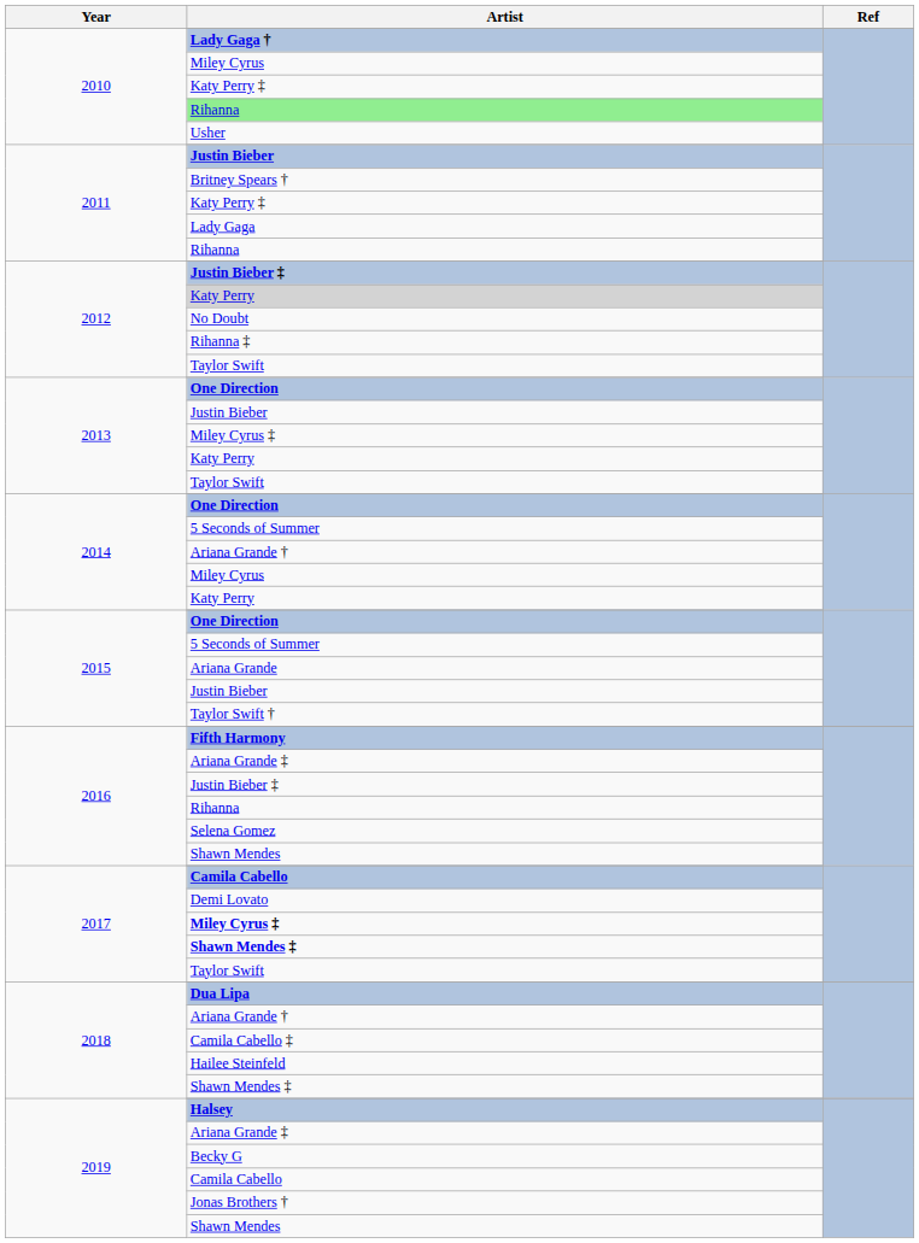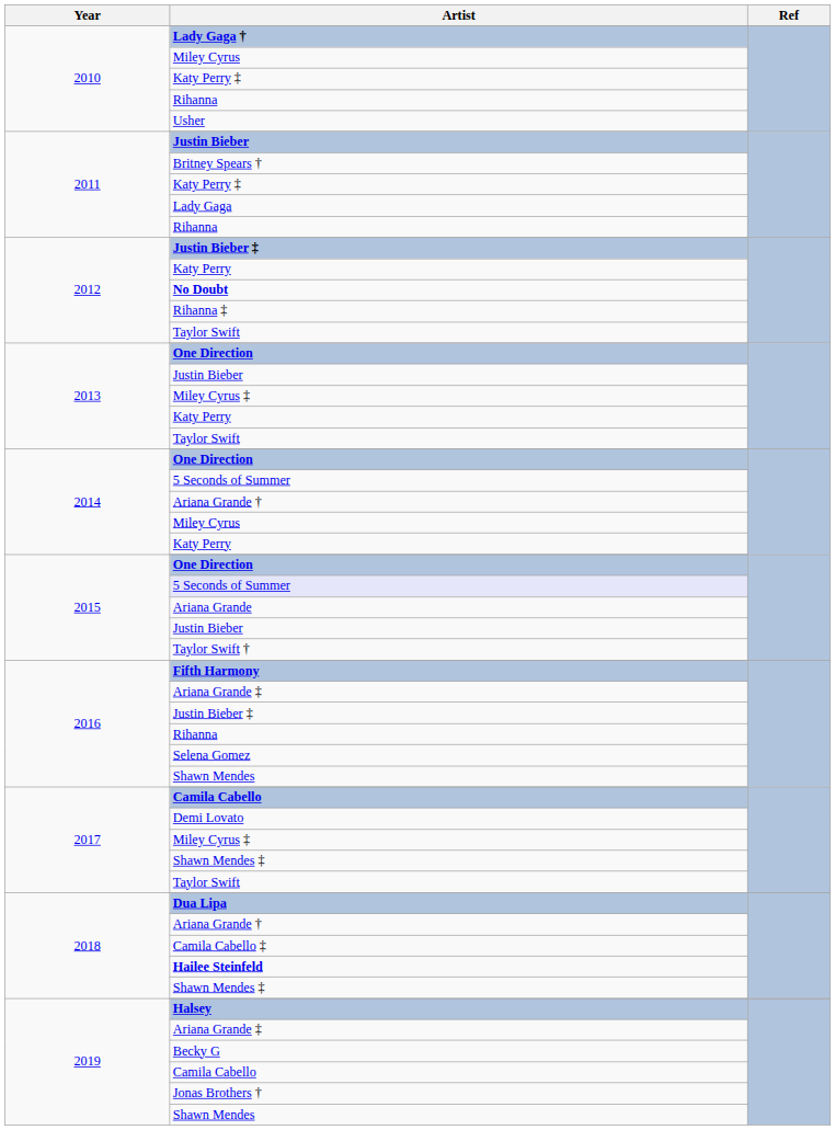 <table class="wikitable" style="width:50%;">
 <tr style="background:#bebebe;">
 <th style="width:10%;">Year</th>
 <th style="width:35%;">Artist</th>
 <th style="width:5%;">Ref</th>
 </tr>
 <tr>
 <td rowspan="6" align="center"><a href='#'>2010</a></td>
 </tr>
 <tr style="background:#B0C4DE">
 <td><strong><a href='#'>Lady Gaga</a> †</strong></td>
 <td rowspan="6" align="center"></td>
 </tr>
 <tr>
 <td><a href='#'>Miley Cyrus</a></td>
 </tr>
 <tr>
 <td><a href='#'>Katy Perry</a> ‡</td>
 </tr>
 <tr>
-<td style="background: lightgreen;"><a href='#'>Rihanna</a></td>
+<td><a href='#'>Rihanna</a></td>
 </tr>
 <tr>
 <td><a href='#'>Usher</a></td>
 </tr>
 <tr>
 <td rowspan="6" align="center"><a href='#'>2011</a></td>
 </tr>
 <tr style="background:#B0C4DE">
 <td><strong><a href='#'>Justin Bieber</a></strong></td>
 <td rowspan="6" align="center"></td>
 </tr>
 <tr>
 <td><a href='#'>Britney Spears</a> †</td>
 </tr>
 <tr>
 <td><a href='#'>Katy Perry</a> ‡</td>
 </tr>
 <tr>
 <td><a href='#'>Lady Gaga</a></td>
 </tr>
 <tr>
 <td><a href='#'>Rihanna</a></td>
 </tr>
 <tr>
 <td rowspan="6" align="center"><a href='#'>2012</a></td>
 </tr>
 <tr style="background:#B0C4DE">
 <td><strong><a href='#'>Justin Bieber</a> ‡</strong></td>
 <td rowspan="6" align="center"></td>
 </tr>
 <tr>
-<td style="background: lightgrey;"><a href='#'>Katy Perry</a></td>
+<td><a href='#'>Katy Perry</a></td>
 </tr>
 <tr>
-<td><a href='#'>No Doubt</a></td>
+<td><strong><a href='#'>No Doubt</a></strong></td>
 </tr>
 <tr>
 <td><a href='#'>Rihanna</a> ‡</td>
 </tr>
 <tr>
 <td><a href='#'>Taylor Swift</a></td>
 </tr>
 <tr>
 <td rowspan="6" align="center"><a href='#'>2013</a></td>
 </tr>
 <tr style="background:#B0C4DE">
 <td><strong><a href='#'>One Direction</a></strong></td>
 <td rowspan="6" align="center"></td>
 </tr>
 <tr>
 <td><a href='#'>Justin Bieber</a></td>
 </tr>
 <tr>
 <td><a href='#'>Miley Cyrus</a> ‡</td>
 </tr>
 <tr>
 <td><a href='#'>Katy Perry</a></td>
 </tr>
 <tr>
 <td><a href='#'>Taylor Swift</a></td>
 </tr>
 <tr>
 <td rowspan="6" align="center"><a href='#'>2014</a></td>
 </tr>
 <tr style="background:#B0C4DE">
 <td><strong><a href='#'>One Direction</a></strong></td>
 <td rowspan="6" align="center"></td>
 </tr>
 <tr>
 <td><a href='#'>5 Seconds of Summer</a></td>
 </tr>
 <tr>
 <td><a href='#'>Ariana Grande</a> †</td>
 </tr>
 <tr>
 <td><a href='#'>Miley Cyrus</a></td>
 </tr>
 <tr>
 <td><a href='#'>Katy Perry</a></td>
 </tr>
 <tr>
 <td rowspan="6" align="center"><a href='#'>2015</a></td>
 </tr>
 <tr style="background:#B0C4DE">
 <td><strong><a href='#'>One Direction</a></strong></td>
 <td rowspan="5" align="center"></td>
 </tr>
 <tr>
-<td><a href='#'>5 Seconds of Summer</a></td>
+<td style="background: lavender;"><a href='#'>5 Seconds of Summer</a></td>
 </tr>
 <tr>
 <td><a href='#'>Ariana Grande</a></td>
 </tr>
 <tr>
 <td><a href='#'>Justin Bieber</a></td>
 </tr>
 <tr>
 <td><a href='#'>Taylor Swift</a> †</td>
 </tr>
 <tr>
 <td rowspan="7" align="center"><a href='#'>2016</a></td>
 </tr>
 <tr style="background:#B0C4DE">
 <td><strong><a href='#'>Fifth Harmony</a></strong></td>
 <td rowspan="7" align="center"></td>
 </tr>
 <tr>
 <td><a href='#'>Ariana Grande</a> ‡</td>
 </tr>
 <tr>
 <td><a href='#'>Justin Bieber</a> ‡</td>
 </tr>
 <tr>
 <td><a href='#'>Rihanna</a></td>
 </tr>
 <tr>
 <td><a href='#'>Selena Gomez</a></td>
 </tr>
 <tr>
 <td><a href='#'>Shawn Mendes</a></td>
 </tr>
 <tr>
 <td rowspan="6" align="center"><a href='#'>2017</a></td>
 </tr>
 <tr style="background:#B0C4DE">
 <td><strong><a href='#'>Camila Cabello</a></strong></td>
 <td rowspan="5" align="center"></td>
 </tr>
 <tr>
 <td><a href='#'>Demi Lovato</a></td>
 </tr>
 <tr>
-<td><strong><a href='#'>Miley Cyrus</a> ‡</strong></td>
+<td><a href='#'>Miley Cyrus</a> ‡</td>
 </tr>
 <tr>
-<td><strong><a href='#'>Shawn Mendes</a> ‡</strong></td>
+<td><a href='#'>Shawn Mendes</a> ‡</td>
 </tr>
 <tr>
 <td><a href='#'>Taylor Swift</a></td>
 </tr>
 <tr>
 <td rowspan="6" align="center"><a href='#'>2018</a></td>
 </tr>
 <tr style="background:#B0C4DE">
 <td><strong><a href='#'>Dua Lipa</a></strong></td>
 <td rowspan="5" align="center"></td>
 </tr>
 <tr>
 <td><a href='#'>Ariana Grande</a> †</td>
 </tr>
 <tr>
 <td><a href='#'>Camila Cabello</a> ‡</td>
 </tr>
 <tr>
-<td><a href='#'>Hailee Steinfeld</a></td>
+<td><strong><a href='#'>Hailee Steinfeld</a></strong></td>
 </tr>
 <tr>
 <td><a href='#'>Shawn Mendes</a> ‡</td>
 </tr>
 <tr>
 <td rowspan="7" align="center"><a href='#'>2019</a></td>
 </tr>
 <tr style="background:#B0C4DE">
 <td><strong><a href='#'>Halsey</a></strong></td>
 <td rowspan="7" align="center"></td>
 </tr>
 <tr>
 <td><a href='#'>Ariana Grande</a> ‡</td>
 </tr>
 <tr>
 <td><a href='#'>Becky G</a></td>
 </tr>
 <tr>
 <td><a href='#'>Camila Cabello</a></td>
 </tr>
 <tr>
 <td><a href='#'>Jonas Brothers</a> †</td>
 </tr>
 <tr>
 <td><a href='#'>Shawn Mendes</a></td>
 </tr>
 </table>
